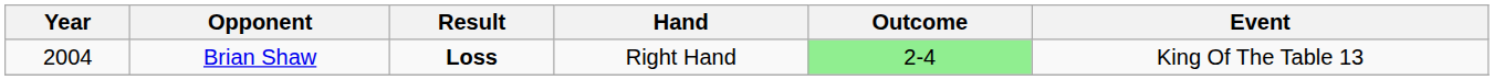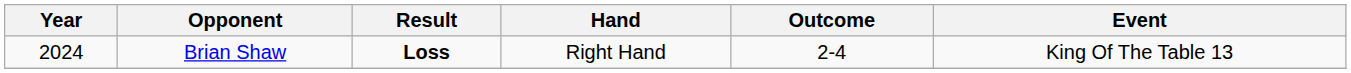 <table class="wikitable mw-collapsible" style="text-align: center;" width="85%">
 <tr>
 <th><strong>Year</strong></th>
 <th scope="col">Opponent</th>
 <th scope="col">Result</th>
 <th scope="col">Hand</th>
 <th style="width:">Outcome</th>
 <th style="width:">Event</th>
 </tr>
 <tr>
-<td>2004</td>
+<td>2024</td>
 <td> <a href='#'>Brian Shaw</a></td>
 <td><strong>Loss</strong></td>
 <td>Right Hand</td>
-<td style="background: lightgreen;">2-4</td>
+<td>2-4</td>
 <td>King Of The Table 13</td>
 </tr>
 <tr>
 </tr>
 </table>
